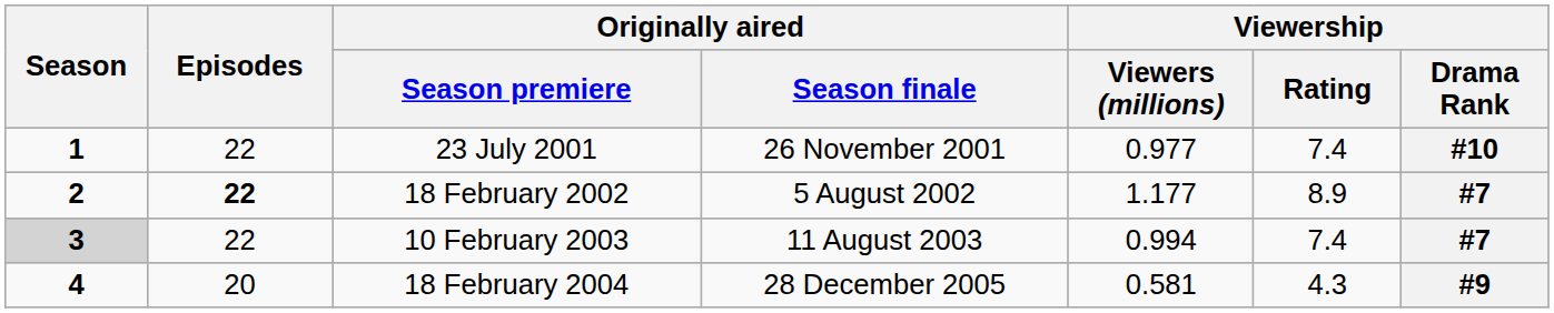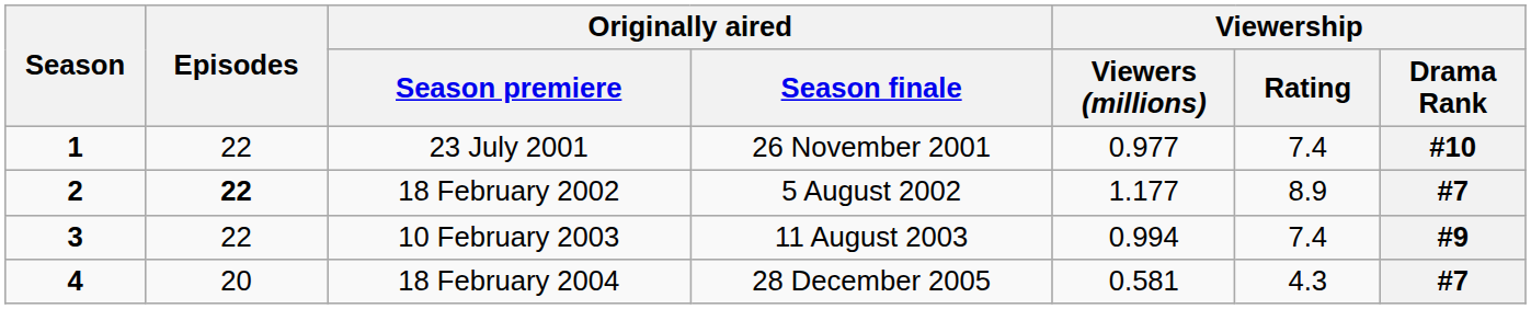 <table class="wikitable">
 <tr>
 <th rowspan="2" width=3%>Season</th>
 <th rowspan="2" width=5%>Episodes</th>
 <th colspan="2">Originally aired</th>
 <th colspan="3">Viewership</th>
 </tr>
 <tr>
 <th width=15%><a href='#'>Season premiere</a></th>
 <th width=15%><a href='#'>Season finale</a></th>
 <th width=5%>Viewers <em>(millions)</em></th>
 <th width=5%>Rating</th>
 <th width=5%>Drama Rank</th>
 </tr>
 <tr>
 <td align="center"><strong>1</strong></td>
 <td align="center">22</td>
 <td align="center">23 July 2001</td>
 <td align="center">26 November 2001</td>
 <td align="center">0.977</td>
 <td align="center">7.4</td>
 <th align="center">#10</th>
 </tr>
 <tr>
 <td align="center"><strong>2</strong></td>
 <td align="center"><strong>22</strong></td>
 <td align="center">18 February 2002</td>
 <td align="center">5 August 2002</td>
 <td align="center">1.177</td>
 <td align="center">8.9</td>
 <th align="center">#7</th>
 </tr>
 <tr>
-<td align="center" style="background: lightgrey;"><strong>3</strong></td>
+<td align="center"><strong>3</strong></td>
 <td align="center">22</td>
 <td align="center">10 February 2003</td>
 <td align="center">11 August 2003</td>
 <td align="center">0.994</td>
 <td align="center">7.4</td>
-<th align="center">#7</th>
+<th align="center">#9</th>
 </tr>
 <tr>
 <td align="center"><strong>4</strong></td>
 <td align="center">20</td>
 <td align="center">18 February 2004</td>
 <td align="center">28 December 2005</td>
 <td align="center">0.581</td>
 <td align="center">4.3</td>
-<th align="center">#9</th>
+<th align="center">#7</th>
 </tr>
 </table>
